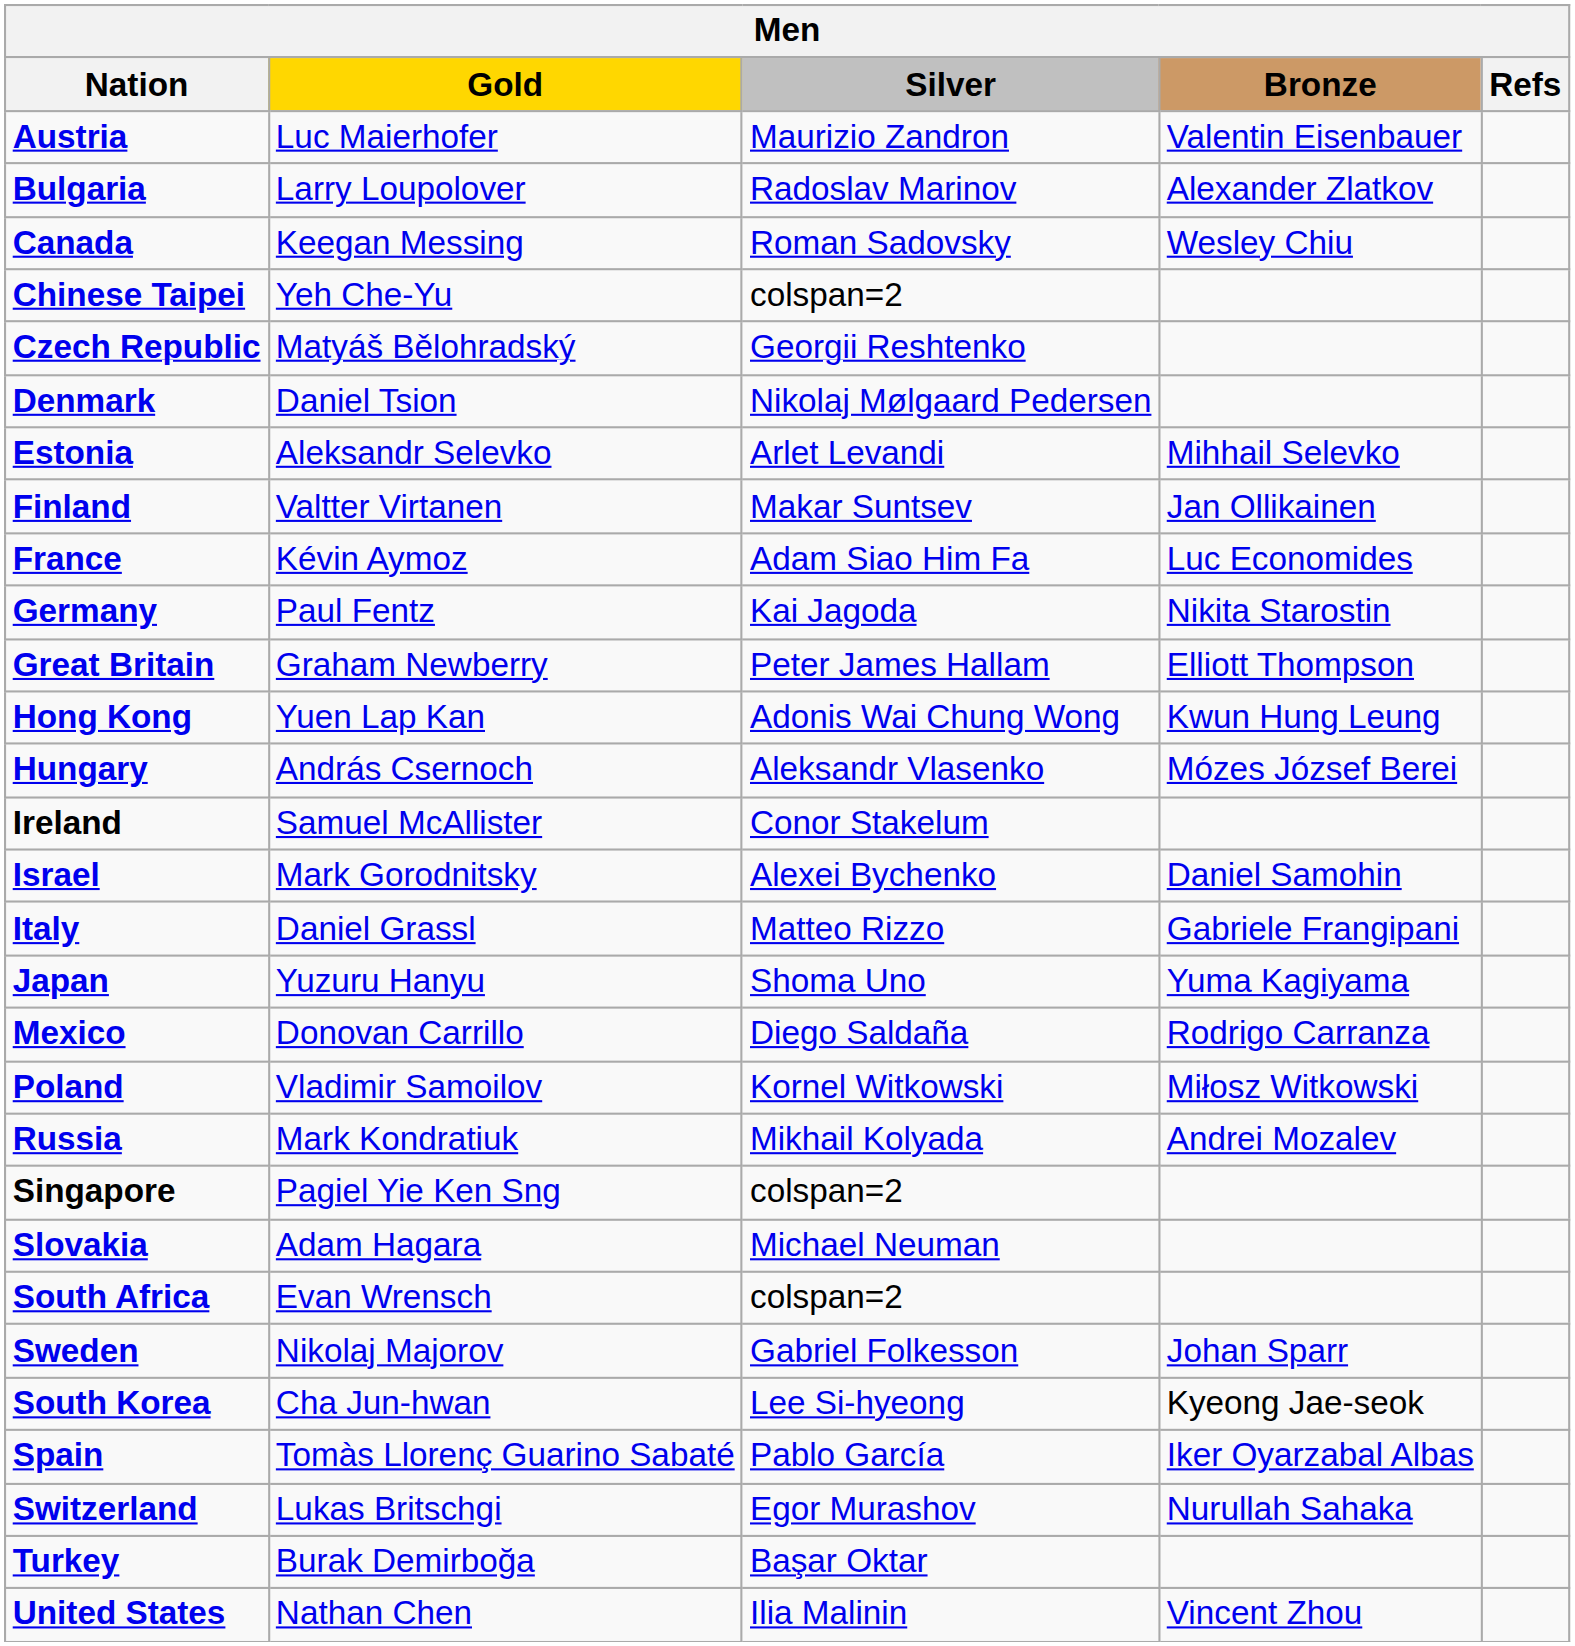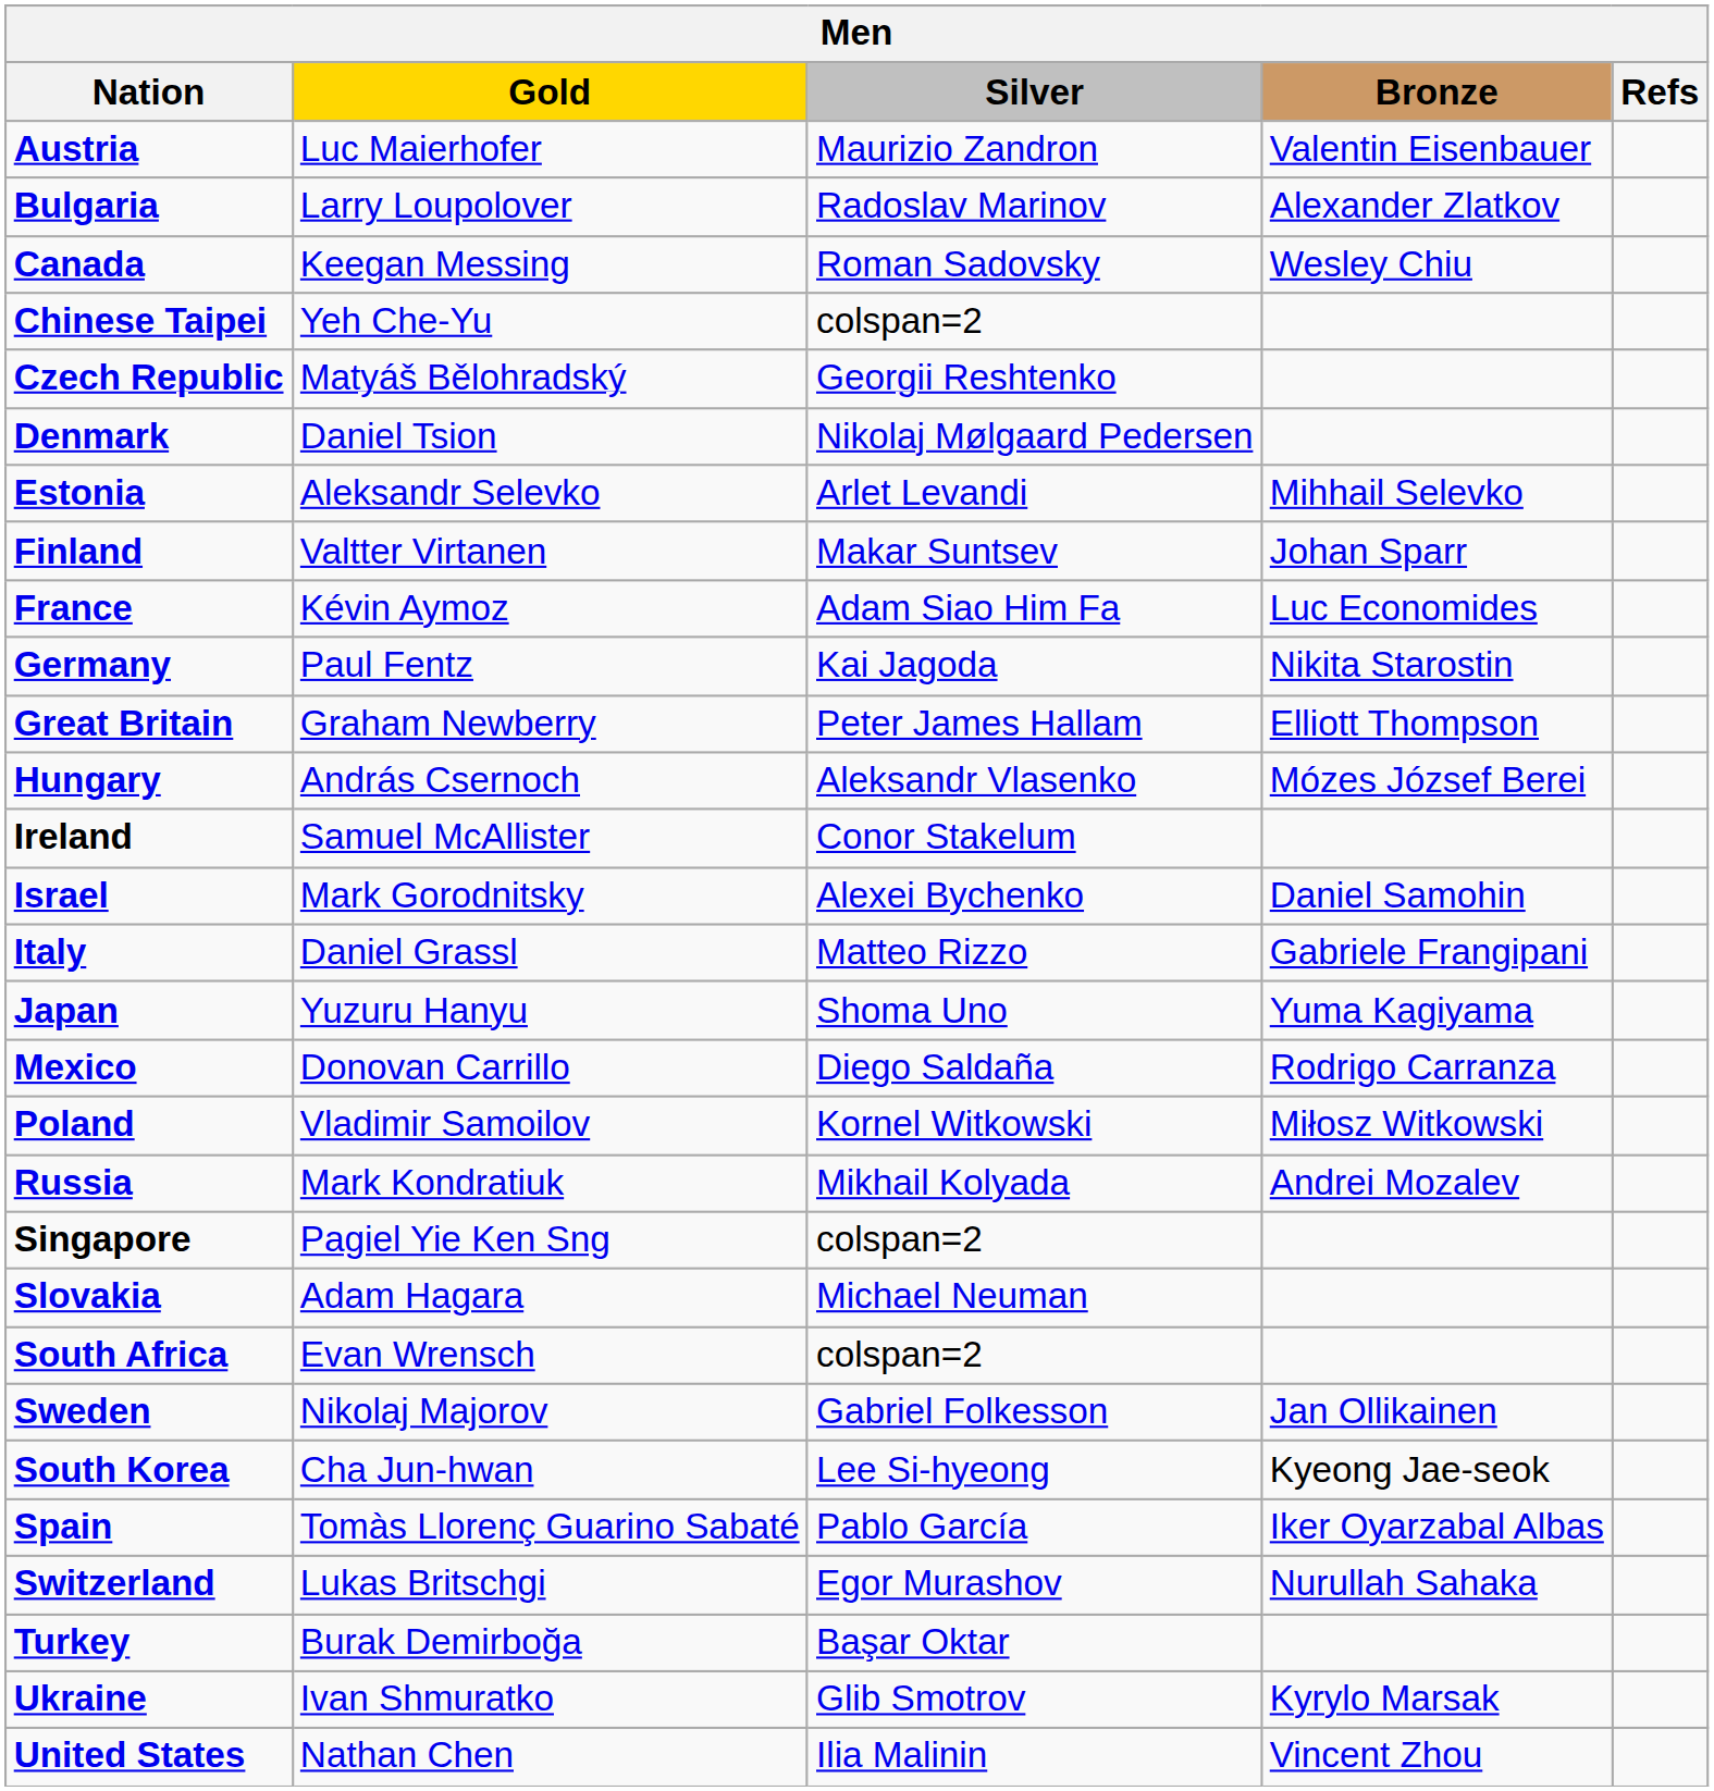 <table class="wikitable">
 <tr>
 <th colspan=5>Men</th>
 </tr>
 <tr>
 <th>Nation</th>
 <td style="text-align:center; background:gold;"><strong>Gold</strong></td>
 <td style="text-align:center; background:silver;"><strong>Silver</strong></td>
 <td style="text-align:center; background:#c96;"><strong>Bronze</strong></td>
 <th>Refs</th>
 </tr>
 <tr>
 <td><strong> <a href='#'>Austria</a></strong></td>
 <td><a href='#'>Luc Maierhofer</a></td>
 <td><a href='#'>Maurizio Zandron</a></td>
 <td><a href='#'>Valentin Eisenbauer</a></td>
 <td></td>
 </tr>
 <tr>
 <td><strong> <a href='#'>Bulgaria</a></strong></td>
 <td><a href='#'>Larry Loupolover</a></td>
 <td><a href='#'>Radoslav Marinov</a></td>
 <td><a href='#'>Alexander Zlatkov</a></td>
 <td></td>
 </tr>
 <tr>
 <td><strong> <a href='#'>Canada</a></strong></td>
 <td><a href='#'>Keegan Messing</a></td>
 <td><a href='#'>Roman Sadovsky</a></td>
 <td><a href='#'>Wesley Chiu</a></td>
 <td></td>
 </tr>
 <tr>
 <td><strong> <a href='#'>Chinese Taipei</a></strong></td>
 <td><a href='#'>Yeh Che-Yu</a></td>
 <td>colspan=2 </td>
 <td></td>
 </tr>
 <tr>
 <td><strong> <a href='#'>Czech Republic</a></strong></td>
 <td><a href='#'>Matyáš Bělohradský</a></td>
 <td><a href='#'>Georgii Reshtenko</a></td>
 <td></td>
 <td></td>
 </tr>
 <tr>
 <td><strong> <a href='#'>Denmark</a></strong></td>
 <td><a href='#'>Daniel Tsion</a></td>
 <td><a href='#'>Nikolaj Mølgaard Pedersen</a></td>
 <td></td>
 <td></td>
 </tr>
 <tr>
 <td><strong> <a href='#'>Estonia</a></strong></td>
 <td><a href='#'>Aleksandr Selevko</a></td>
 <td><a href='#'>Arlet Levandi</a></td>
 <td><a href='#'>Mihhail Selevko</a></td>
 <td></td>
 </tr>
 <tr>
 <td><strong> <a href='#'>Finland</a></strong></td>
 <td><a href='#'>Valtter Virtanen</a></td>
 <td><a href='#'>Makar Suntsev</a></td>
-<td><a href='#'>Jan Ollikainen</a></td>
+<td><a href='#'>Johan Sparr</a></td>
 <td></td>
 </tr>
 <tr>
 <td><strong> <a href='#'>France</a></strong></td>
 <td><a href='#'>Kévin Aymoz</a></td>
 <td><a href='#'>Adam Siao Him Fa</a></td>
 <td><a href='#'>Luc Economides</a></td>
 <td></td>
 </tr>
 <tr>
 <td><strong> <a href='#'>Germany</a></strong></td>
 <td><a href='#'>Paul Fentz</a></td>
 <td><a href='#'>Kai Jagoda</a></td>
 <td><a href='#'>Nikita Starostin</a></td>
 <td></td>
 </tr>
 <tr>
 <td><strong> <a href='#'>Great Britain</a></strong></td>
 <td><a href='#'>Graham Newberry</a></td>
 <td><a href='#'>Peter James Hallam</a></td>
 <td><a href='#'>Elliott Thompson</a></td>
-<td></td>
-</tr>
-<tr>
-<td><strong> <a href='#'>Hong Kong</a></strong></td>
-<td><a href='#'>Yuen Lap Kan</a></td>
-<td><a href='#'>Adonis Wai Chung Wong</a></td>
-<td><a href='#'>Kwun Hung Leung</a></td>
 <td></td>
 </tr>
 <tr>
 <td><strong> <a href='#'>Hungary</a></strong></td>
 <td><a href='#'>András Csernoch</a></td>
 <td><a href='#'>Aleksandr Vlasenko</a></td>
 <td><a href='#'>Mózes József Berei</a></td>
 <td></td>
 </tr>
 <tr>
 <td><strong> Ireland</strong></td>
 <td><a href='#'>Samuel McAllister</a></td>
 <td><a href='#'>Conor Stakelum</a></td>
 <td></td>
 <td></td>
 </tr>
 <tr>
 <td><strong> <a href='#'>Israel</a></strong></td>
 <td><a href='#'>Mark Gorodnitsky</a></td>
 <td><a href='#'>Alexei Bychenko</a></td>
 <td><a href='#'>Daniel Samohin</a></td>
 <td></td>
 </tr>
 <tr>
 <td><strong> <a href='#'>Italy</a></strong></td>
 <td><a href='#'>Daniel Grassl</a></td>
 <td><a href='#'>Matteo Rizzo</a></td>
 <td><a href='#'>Gabriele Frangipani</a></td>
 <td></td>
 </tr>
 <tr>
 <td><strong> <a href='#'>Japan</a></strong></td>
 <td><a href='#'>Yuzuru Hanyu</a></td>
 <td><a href='#'>Shoma Uno</a></td>
 <td><a href='#'>Yuma Kagiyama</a></td>
 <td></td>
 </tr>
 <tr>
 <td><strong> <a href='#'>Mexico</a></strong></td>
 <td><a href='#'>Donovan Carrillo</a></td>
 <td><a href='#'>Diego Saldaña</a></td>
 <td><a href='#'>Rodrigo Carranza</a></td>
 <td></td>
 </tr>
 <tr>
 <td><strong> <a href='#'>Poland</a></strong></td>
 <td><a href='#'>Vladimir Samoilov</a></td>
 <td><a href='#'>Kornel Witkowski</a></td>
 <td><a href='#'>Miłosz Witkowski</a></td>
 <td></td>
 </tr>
 <tr>
 <td><strong> <a href='#'>Russia</a></strong></td>
 <td><a href='#'>Mark Kondratiuk</a></td>
 <td><a href='#'>Mikhail Kolyada</a></td>
 <td><a href='#'>Andrei Mozalev</a></td>
 <td></td>
 </tr>
 <tr>
 <td><strong> Singapore</strong></td>
 <td><a href='#'>Pagiel Yie Ken Sng</a></td>
 <td>colspan=2 </td>
 <td></td>
 </tr>
 <tr>
 <td><strong> <a href='#'>Slovakia</a></strong></td>
 <td><a href='#'>Adam Hagara</a></td>
 <td><a href='#'>Michael Neuman</a></td>
 <td></td>
 <td></td>
 </tr>
 <tr>
 <td><strong> <a href='#'>South Africa</a></strong></td>
 <td><a href='#'>Evan Wrensch</a></td>
 <td>colspan=2 </td>
 <td></td>
 </tr>
 <tr>
 <td><strong> <a href='#'>Sweden</a></strong></td>
 <td><a href='#'>Nikolaj Majorov</a></td>
 <td><a href='#'>Gabriel Folkesson</a></td>
-<td><a href='#'>Johan Sparr</a></td>
+<td><a href='#'>Jan Ollikainen</a></td>
 <td></td>
 </tr>
 <tr>
 <td><strong> <a href='#'>South Korea</a></strong></td>
 <td><a href='#'>Cha Jun-hwan</a></td>
 <td><a href='#'>Lee Si-hyeong</a></td>
 <td>Kyeong Jae-seok</td>
 <td></td>
 </tr>
 <tr>
 <td><strong> <a href='#'>Spain</a></strong></td>
 <td><a href='#'>Tomàs Llorenç Guarino Sabaté</a></td>
 <td><a href='#'>Pablo García</a></td>
 <td><a href='#'>Iker Oyarzabal Albas</a></td>
 <td></td>
 </tr>
 <tr>
 <td><strong> <a href='#'>Switzerland</a></strong></td>
 <td><a href='#'>Lukas Britschgi</a></td>
 <td><a href='#'>Egor Murashov</a></td>
 <td><a href='#'>Nurullah Sahaka</a></td>
 <td></td>
 </tr>
 <tr>
 <td><strong> <a href='#'>Turkey</a></strong></td>
 <td><a href='#'>Burak Demirboğa</a></td>
 <td><a href='#'>Başar Oktar</a></td>
 <td></td>
 <td></td>
 </tr>
 <tr>
+<td><strong> <a href='#'>Ukraine</a></strong></td>
+<td><a href='#'>Ivan Shmuratko</a></td>
+<td><a href='#'>Glib Smotrov</a></td>
+<td><a href='#'>Kyrylo Marsak</a></td>
+<td></td>
+</tr>
+<tr>
 <td><strong> <a href='#'>United States</a></strong></td>
 <td><a href='#'>Nathan Chen</a></td>
 <td><a href='#'>Ilia Malinin</a></td>
 <td><a href='#'>Vincent Zhou</a></td>
 <td></td>
 </tr>
 </table>
